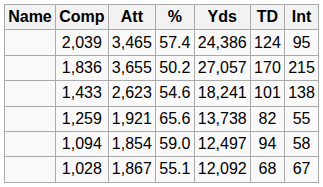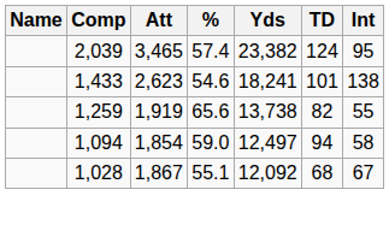 <table class="wikitable sortable" style="text-align:center">
 <tr>
 <th scope="col">Name</th>
 <th scope="col">Comp</th>
 <th scope="col">Att</th>
 <th scope="col">%</th>
 <th scope="col">Yds</th>
 <th scope="col">TD</th>
 <th scope="col">Int</th>
 </tr>
 <tr>
 <td></td>
 <td>2,039</td>
 <td>3,465</td>
 <td>57.4</td>
-<td>24,386</td>
+<td>23,382</td>
 <td>124</td>
 <td>95</td>
-</tr>
-<tr>
-<td></td>
-<td>1,836</td>
-<td>3,655</td>
-<td>50.2</td>
-<td>27,057</td>
-<td>170</td>
-<td>215</td>
 </tr>
 <tr>
 <td></td>
 <td>1,433</td>
 <td>2,623</td>
 <td>54.6</td>
 <td>18,241</td>
 <td>101</td>
 <td>138</td>
 </tr>
 <tr>
 <td></td>
 <td>1,259</td>
-<td>1,921</td>
+<td>1,919</td>
 <td>65.6</td>
 <td>13,738</td>
 <td>82</td>
 <td>55</td>
 </tr>
 <tr>
 <td></td>
 <td>1,094</td>
 <td>1,854</td>
 <td>59.0</td>
 <td>12,497</td>
 <td>94</td>
 <td>58</td>
 </tr>
 <tr>
 <td></td>
 <td>1,028</td>
 <td>1,867</td>
 <td>55.1</td>
 <td>12,092</td>
 <td>68</td>
 <td>67</td>
 </tr>
 </table>
